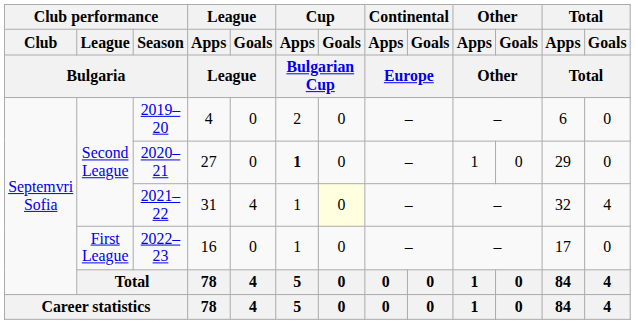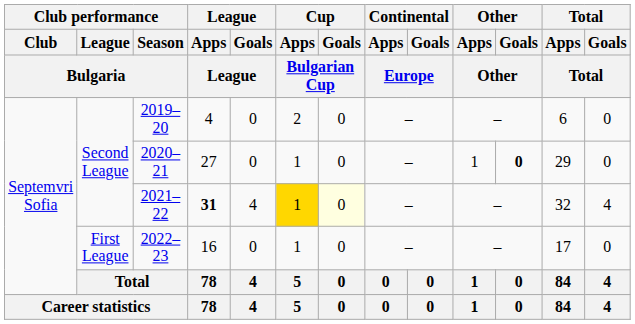 <table class="wikitable" style="text-align: center">
 <tr>
 <th Colspan="3">Club performance</th>
 <th Colspan="2">League</th>
 <th Colspan="2">Cup</th>
 <th Colspan="2">Continental</th>
 <th Colspan="2">Other</th>
 <th Colspan="3">Total</th>
 </tr>
 <tr>
 <th>Club</th>
 <th>League</th>
 <th>Season</th>
 <th>Apps</th>
 <th>Goals</th>
 <th>Apps</th>
 <th>Goals</th>
 <th>Apps</th>
 <th>Goals</th>
 <th>Apps</th>
 <th>Goals</th>
 <th>Apps</th>
 <th>Goals</th>
 </tr>
 <tr>
 <th Colspan="3">Bulgaria</th>
 <th Colspan="2">League</th>
 <th Colspan="2"><a href='#'>Bulgarian Cup</a></th>
 <th Colspan="2"><a href='#'>Europe</a></th>
 <th Colspan="2">Other</th>
 <th Colspan="2">Total</th>
 </tr>
 <tr>
 <td rowspan="5" valign="center"><a href='#'>Septemvri Sofia</a></td>
 <td rowspan="3"><a href='#'>Second League</a></td>
 <td><a href='#'>2019–20</a></td>
 <td>4</td>
 <td>0</td>
 <td>2</td>
 <td>0</td>
 <td colspan="2">–</td>
 <td colspan="2">–</td>
 <td>6</td>
 <td>0</td>
 </tr>
 <tr>
 <td><a href='#'>2020–21</a></td>
 <td>27</td>
 <td>0</td>
-<td><strong>1</strong></td>
+<td>1</td>
 <td>0</td>
 <td colspan="2">–</td>
 <td>1</td>
-<td>0</td>
+<td><strong>0</strong></td>
 <td>29</td>
 <td>0</td>
 </tr>
 <tr>
 <td><a href='#'>2021–22</a></td>
-<td>31</td>
+<td><strong>31</strong></td>
 <td>4</td>
-<td>1</td>
+<td style="background: gold;">1</td>
 <td style="background: lightyellow;">0</td>
 <td colspan="2">–</td>
 <td colspan="2">–</td>
 <td>32</td>
 <td>4</td>
 </tr>
 <tr>
 <td rowspan="1"><a href='#'>First League</a></td>
 <td><a href='#'>2022–23</a></td>
 <td>16</td>
 <td>0</td>
 <td>1</td>
 <td>0</td>
 <td colspan="2">–</td>
 <td colspan="2">–</td>
 <td>17</td>
 <td>0</td>
 </tr>
 <tr>
 <th colspan=2>Total</th>
 <th>78</th>
 <th>4</th>
 <th>5</th>
 <th>0</th>
 <th>0</th>
 <th>0</th>
 <th>1</th>
 <th>0</th>
 <th>84</th>
 <th>4</th>
 </tr>
 <tr>
 <th colspan="3">Career statistics</th>
 <th>78</th>
 <th>4</th>
 <th>5</th>
 <th>0</th>
 <th>0</th>
 <th>0</th>
 <th>1</th>
 <th>0</th>
 <th>84</th>
 <th>4</th>
 </tr>
 </table>
